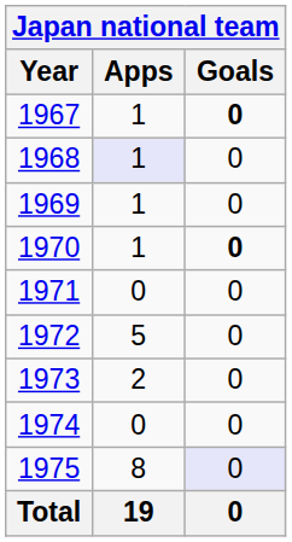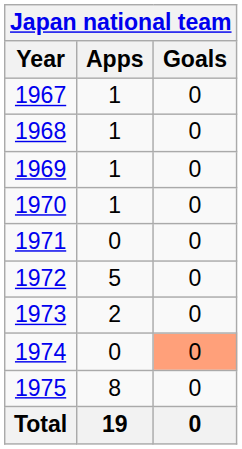 <table class="wikitable" style="text-align:center">
 <tr>
 <th colspan=3><a href='#'>Japan national team</a></th>
 </tr>
 <tr>
 <th>Year</th>
 <th>Apps</th>
 <th>Goals</th>
 </tr>
 <tr>
 <td><a href='#'>1967</a></td>
 <td>1</td>
-<td><strong>0</strong></td>
+<td>0</td>
 </tr>
 <tr>
 <td><a href='#'>1968</a></td>
-<td style="background: lavender;">1</td>
+<td>1</td>
 <td>0</td>
 </tr>
 <tr>
 <td><a href='#'>1969</a></td>
 <td>1</td>
 <td>0</td>
 </tr>
 <tr>
 <td><a href='#'>1970</a></td>
 <td>1</td>
-<td><strong>0</strong></td>
+<td>0</td>
 </tr>
 <tr>
 <td><a href='#'>1971</a></td>
 <td>0</td>
 <td>0</td>
 </tr>
 <tr>
 <td><a href='#'>1972</a></td>
 <td>5</td>
 <td>0</td>
 </tr>
 <tr>
 <td><a href='#'>1973</a></td>
 <td>2</td>
 <td>0</td>
 </tr>
 <tr>
 <td><a href='#'>1974</a></td>
 <td>0</td>
-<td>0</td>
+<td style="background: lightsalmon;">0</td>
 </tr>
 <tr>
 <td><a href='#'>1975</a></td>
 <td>8</td>
-<td style="background: lavender;">0</td>
+<td>0</td>
 </tr>
 <tr>
 <th>Total</th>
 <th>19</th>
 <th>0</th>
 </tr>
 </table>
